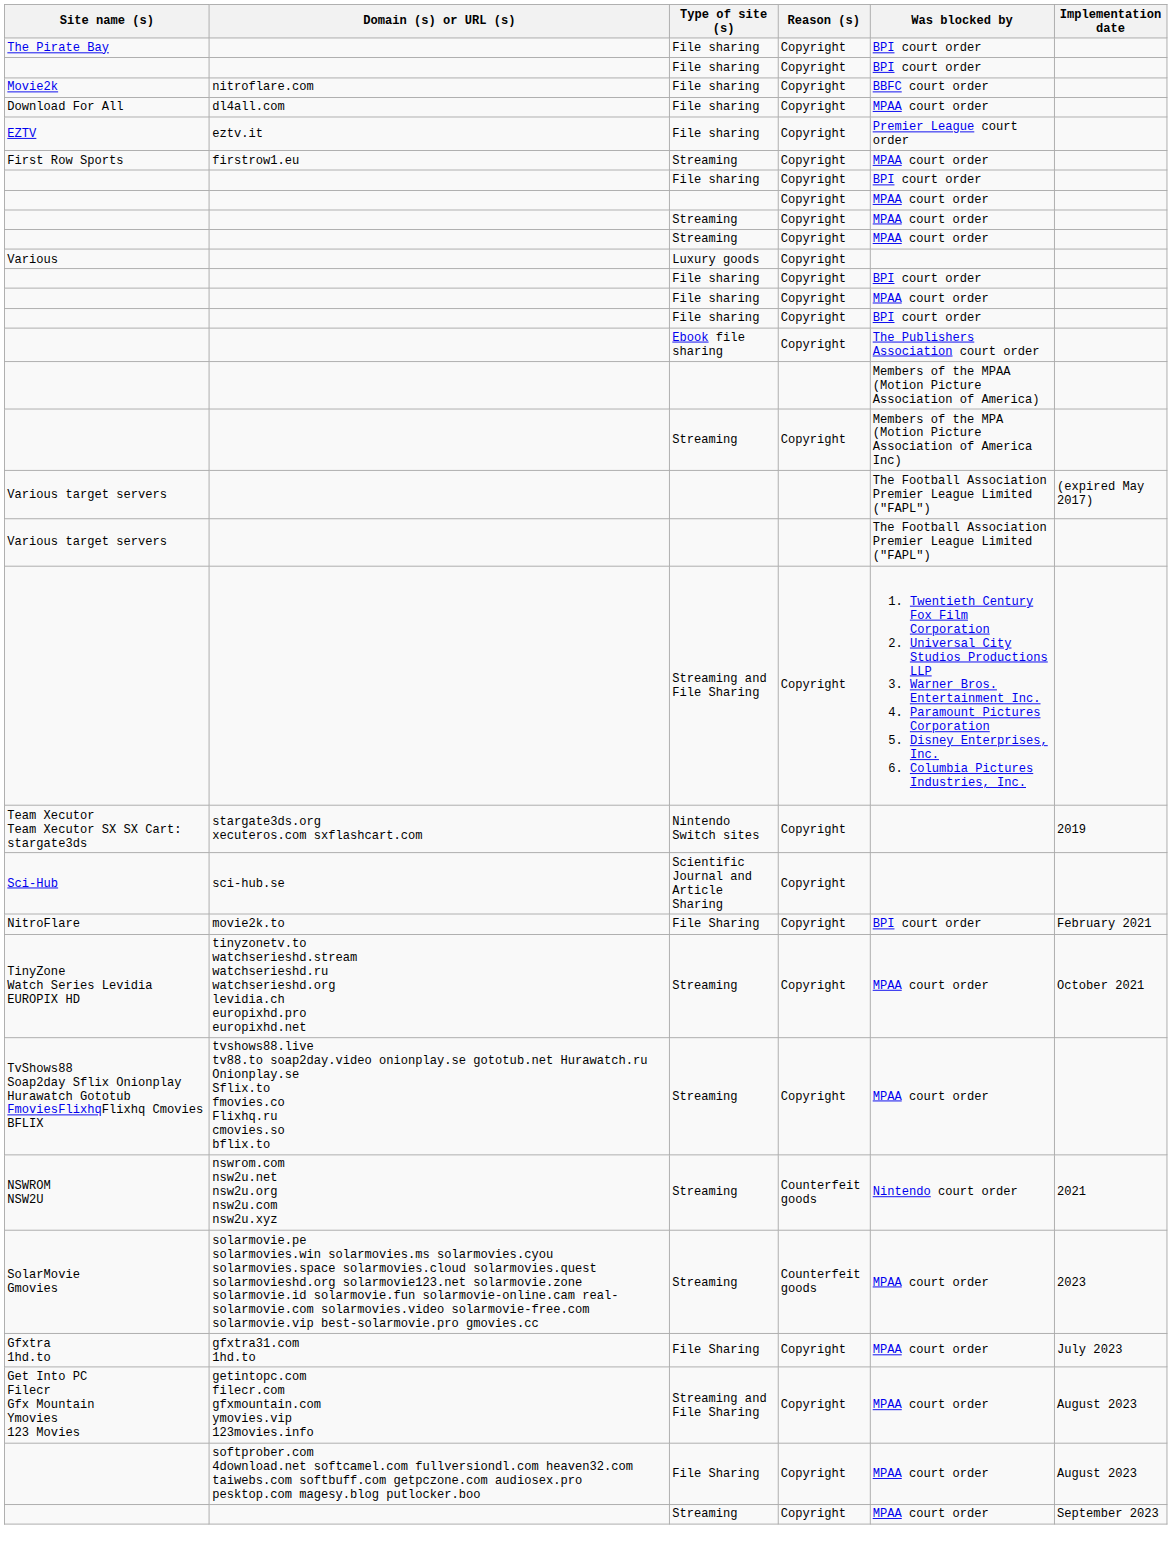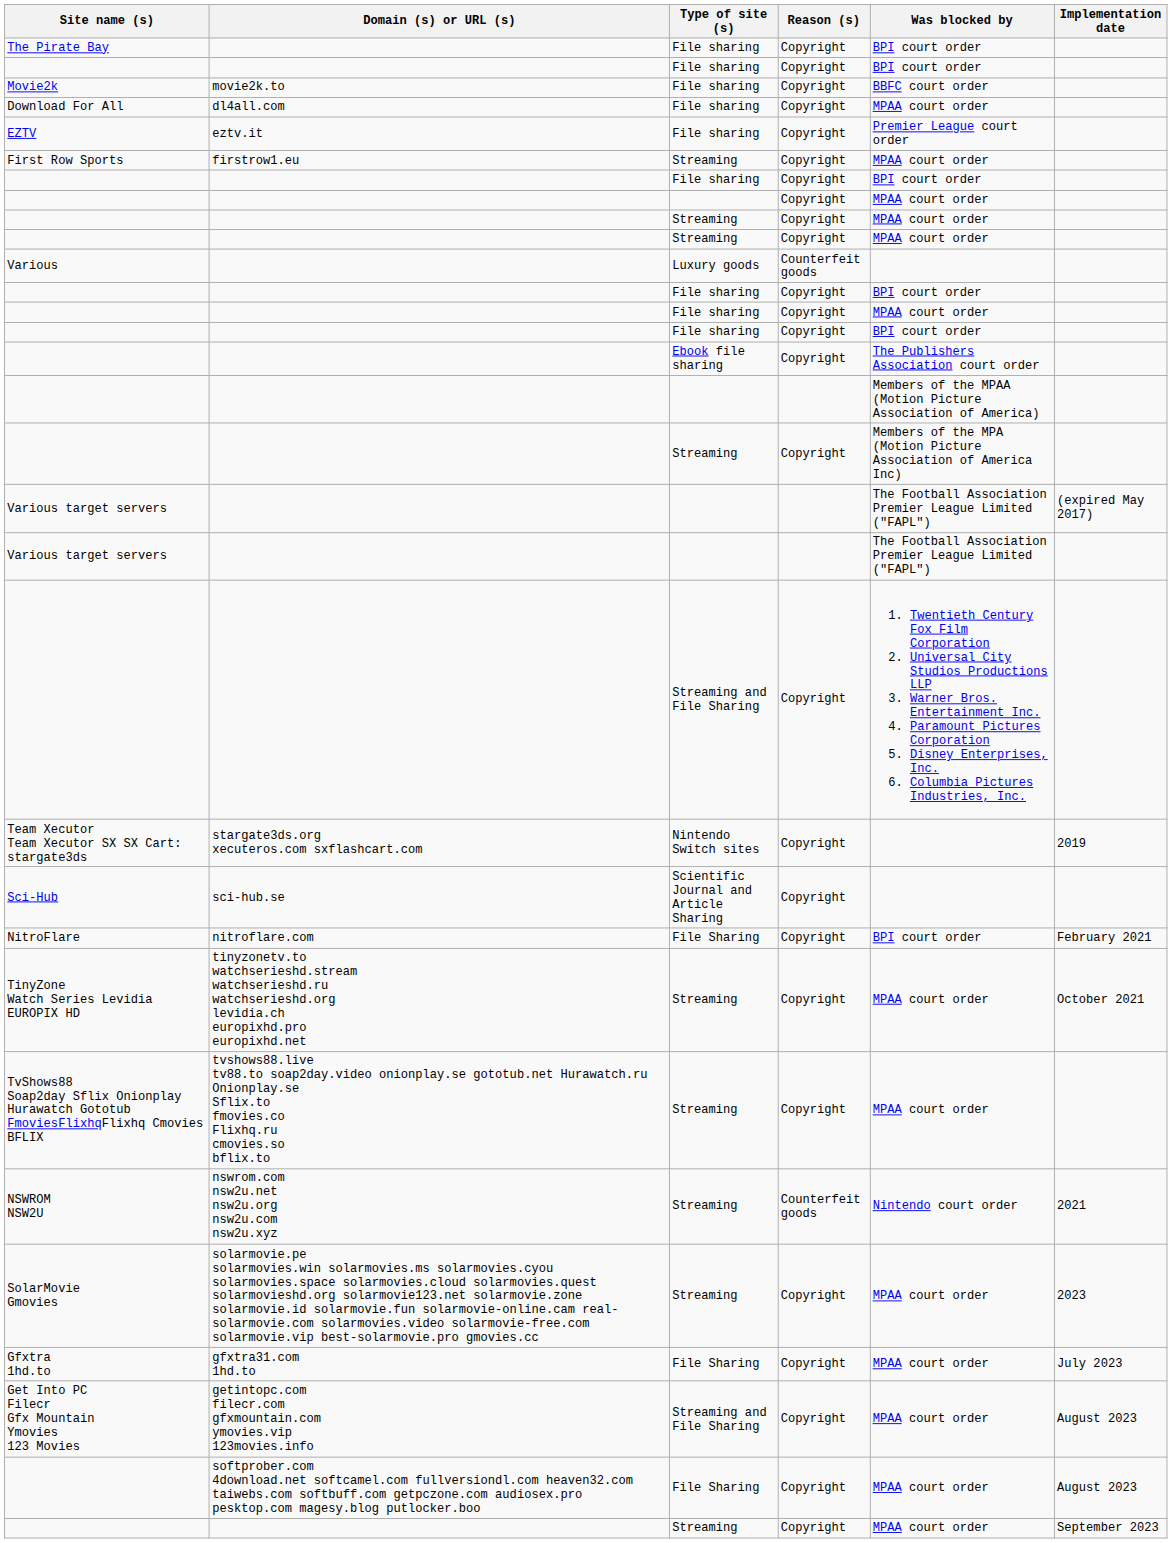 <table class="wikitable sortable">
 <tr>
 <th>Site name (s)</th>
 <th>Domain (s) or URL (s)</th>
 <th>Type of site (s)</th>
 <th>Reason (s)</th>
 <th>Was blocked by</th>
 <th>Implementation date</th>
 </tr>
 <tr>
 <td><a href='#'>The Pirate Bay</a></td>
 <td><br></td>
 <td>File sharing</td>
 <td>Copyright</td>
 <td><a href='#'>BPI</a> court order</td>
 <td></td>
 </tr>
 <tr>
 <td><br></td>
 <td><br></td>
 <td>File sharing</td>
 <td>Copyright</td>
 <td><a href='#'>BPI</a> court order</td>
 <td></td>
 </tr>
 <tr>
 <td><a href='#'>Movie2k</a></td>
-<td>nitroflare.com</td>
+<td>movie2k.to</td>
 <td>File sharing</td>
 <td>Copyright</td>
 <td><a href='#'>BBFC</a> court order</td>
 <td></td>
 </tr>
 <tr>
 <td>Download For All</td>
 <td>dl4all.com</td>
 <td>File sharing</td>
 <td>Copyright</td>
 <td><a href='#'>MPAA</a> court order</td>
 <td></td>
 </tr>
 <tr>
 <td><a href='#'>EZTV</a></td>
 <td>eztv.it</td>
 <td>File sharing</td>
 <td>Copyright</td>
 <td><a href='#'>Premier League</a> court order</td>
 <td></td>
 </tr>
 <tr>
 <td>First Row Sports</td>
 <td>firstrow1.eu</td>
 <td>Streaming</td>
 <td>Copyright</td>
 <td><a href='#'>MPAA</a> court order</td>
 <td></td>
 </tr>
 <tr>
 <td><br></td>
 <td><br></td>
 <td>File sharing</td>
 <td>Copyright</td>
 <td><a href='#'>BPI</a> court order</td>
 <td></td>
 </tr>
 <tr>
 <td><br></td>
 <td><br></td>
 <td><br></td>
 <td>Copyright</td>
 <td><a href='#'>MPAA</a> court order</td>
 <td></td>
 </tr>
 <tr>
 <td><br></td>
 <td><br></td>
 <td>Streaming</td>
 <td>Copyright</td>
 <td><a href='#'>MPAA</a> court order</td>
 <td></td>
 </tr>
 <tr>
 <td><br></td>
 <td><br></td>
 <td>Streaming</td>
 <td>Copyright</td>
 <td><a href='#'>MPAA</a> court order</td>
 <td></td>
 </tr>
 <tr>
 <td>Various</td>
 <td><br></td>
 <td>Luxury goods</td>
-<td>Copyright</td>
+<td>Counterfeit goods</td>
 <td><br></td>
 <td></td>
 </tr>
 <tr>
 <td><br></td>
 <td><br></td>
 <td>File sharing</td>
 <td>Copyright</td>
 <td><a href='#'>BPI</a> court order</td>
 <td></td>
 </tr>
 <tr>
 <td><br></td>
 <td><br></td>
 <td>File sharing</td>
 <td>Copyright</td>
 <td><a href='#'>MPAA</a> court order</td>
 <td></td>
 </tr>
 <tr>
 <td><br></td>
 <td></td>
 <td>File sharing</td>
 <td>Copyright</td>
 <td><a href='#'>BPI</a> court order</td>
 <td></td>
 </tr>
 <tr>
 <td><br></td>
 <td></td>
 <td><a href='#'>Ebook</a> file sharing</td>
 <td>Copyright</td>
 <td><a href='#'>The Publishers Association</a> court order</td>
 <td></td>
 </tr>
 <tr>
 <td><br></td>
 <td></td>
 <td></td>
 <td></td>
 <td>Members of the MPAA (Motion Picture Association of America)</td>
 <td></td>
 </tr>
 <tr>
 <td><br></td>
 <td></td>
 <td>Streaming</td>
 <td>Copyright</td>
 <td>Members of the MPA (Motion Picture Association of America Inc)</td>
 <td></td>
 </tr>
 <tr>
 <td>Various target servers</td>
 <td></td>
 <td></td>
 <td></td>
 <td>The Football Association Premier League Limited ("FAPL")</td>
 <td> (expired May 2017)</td>
 </tr>
 <tr>
 <td>Various target servers</td>
 <td></td>
 <td></td>
 <td></td>
 <td>The Football Association Premier League Limited ("FAPL")</td>
 <td></td>
 </tr>
 <tr>
 <td><br></td>
 <td></td>
 <td>Streaming and File Sharing</td>
 <td>Copyright</td>
 <td><br><ol><li><a href='#'>Twentieth Century Fox Film Corporation</a></li><li><a href='#'>Universal City Studios Productions LLP</a></li><li><a href='#'>Warner Bros. Entertainment Inc.</a></li><li><a href='#'>Paramount Pictures Corporation</a></li><li><a href='#'>Disney Enterprises, Inc.</a></li><li><a href='#'>Columbia Pictures Industries, Inc.</a></li></ol></td>
 <td></td>
 </tr>
 <tr>
 <td>Team Xecutor<br>Team Xecutor SX SX Cart: stargate3ds</td>
 <td>stargate3ds.org<br>xecuteros.com sxflashcart.com</td>
 <td>Nintendo Switch sites</td>
 <td>Copyright</td>
 <td></td>
 <td>2019</td>
 </tr>
 <tr>
 <td><a href='#'>Sci-Hub</a></td>
 <td>sci-hub.se</td>
 <td>Scientific Journal and Article Sharing</td>
 <td>Copyright</td>
 <td><br></td>
 <td></td>
 </tr>
 <tr>
 <td>NitroFlare</td>
-<td>movie2k.to</td>
+<td>nitroflare.com</td>
 <td>File Sharing</td>
 <td>Copyright</td>
 <td><a href='#'>BPI</a> court order</td>
 <td>February 2021</td>
 </tr>
 <tr>
 <td>TinyZone<br>Watch Series Levidia EUROPIX HD</td>
 <td>tinyzonetv.to<br>watchserieshd.stream<br>watchserieshd.ru<br>watchserieshd.org<br>levidia.ch<br>europixhd.pro<br>europixhd.net</td>
 <td>Streaming</td>
 <td>Copyright</td>
 <td><a href='#'>MPAA</a> court order</td>
 <td>October 2021</td>
 </tr>
 <tr>
 <td>TvShows88<br>Soap2day Sflix Onionplay Hurawatch Gototub <a href='#'>FmoviesFlixhq</a>Flixhq Cmovies BFLIX</td>
 <td>tvshows88.live<br>tv88.to soap2day.video onionplay.se gototub.net Hurawatch.ru<br>Onionplay.se<br>Sflix.to<br>fmovies.co<br>Flixhq.ru<br>cmovies.so<br>bflix.to</td>
 <td>Streaming</td>
 <td>Copyright</td>
 <td><a href='#'>MPAA</a> court order</td>
 <td></td>
 </tr>
 <tr>
 <td>NSWROM<br>NSW2U</td>
 <td>nswrom.com<br>nsw2u.net<br>nsw2u.org<br>nsw2u.com<br>nsw2u.xyz</td>
 <td>Streaming</td>
 <td>Counterfeit goods</td>
 <td><a href='#'>Nintendo</a> court order</td>
 <td>2021</td>
 </tr>
 <tr>
 <td>SolarMovie<br>Gmovies</td>
 <td>solarmovie.pe<br>solarmovies.win solarmovies.ms solarmovies.cyou solarmovies.space solarmovies.cloud solarmovies.quest solarmovieshd.org solarmovie123.net solarmovie.zone solarmovie.id solarmovie.fun solarmovie-online.cam real-solarmovie.com solarmovies.video solarmovie-free.com solarmovie.vip best-solarmovie.pro gmovies.cc</td>
 <td>Streaming</td>
-<td>Counterfeit goods</td>
+<td>Copyright</td>
 <td><a href='#'>MPAA</a> court order</td>
 <td>2023</td>
 </tr>
 <tr>
 <td>Gfxtra<br>1hd.to</td>
 <td>gfxtra31.com<br>1hd.to</td>
 <td>File Sharing</td>
 <td>Copyright</td>
 <td><a href='#'>MPAA</a> court order</td>
 <td>July 2023</td>
 </tr>
 <tr>
 <td>Get Into PC<br>Filecr<br>Gfx Mountain<br>Ymovies<br>123 Movies</td>
 <td>getintopc.com<br>filecr.com<br>gfxmountain.com<br>ymovies.vip<br>123movies.info</td>
 <td>Streaming and File Sharing</td>
 <td>Copyright</td>
 <td><a href='#'>MPAA</a> court order</td>
 <td>August 2023</td>
 </tr>
 <tr>
 <td></td>
 <td>softprober.com<br>4download.net softcamel.com fullversiondl.com heaven32.com taiwebs.com softbuff.com getpczone.com audiosex.pro pesktop.com magesy.blog putlocker.boo</td>
 <td>File Sharing</td>
 <td>Copyright</td>
 <td><a href='#'>MPAA</a> court order</td>
 <td>August 2023</td>
 </tr>
 <tr>
 <td></td>
 <td></td>
 <td>Streaming</td>
 <td>Copyright</td>
 <td><a href='#'>MPAA</a> court order</td>
 <td>September 2023</td>
 </tr>
 </table>
